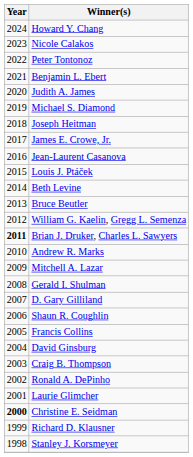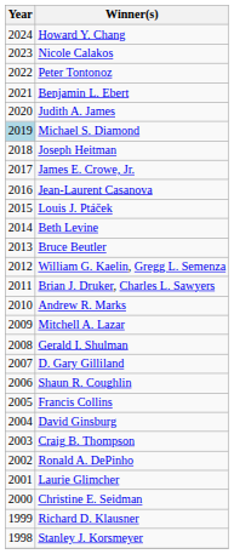 <table class="wikitable">
 <tr>
 <th>Year</th>
 <th>Winner(s)</th>
 </tr>
 <tr>
 <td>2024</td>
 <td><a href='#'>Howard Y. Chang</a></td>
 </tr>
 <tr>
 <td>2023</td>
 <td><a href='#'>Nicole Calakos</a></td>
 </tr>
 <tr>
 <td>2022</td>
 <td><a href='#'>Peter Tontonoz</a></td>
 </tr>
 <tr>
 <td>2021</td>
 <td><a href='#'>Benjamin L. Ebert</a></td>
 </tr>
 <tr>
 <td>2020</td>
 <td><a href='#'>Judith A. James</a></td>
 </tr>
 <tr>
-<td>2019</td>
+<td style="background: lightblue;">2019</td>
 <td><a href='#'>Michael S. Diamond</a></td>
 </tr>
 <tr>
 <td>2018</td>
 <td><a href='#'>Joseph Heitman</a></td>
 </tr>
 <tr>
 <td>2017</td>
 <td><a href='#'>James E. Crowe, Jr.</a></td>
 </tr>
 <tr>
 <td>2016</td>
 <td><a href='#'>Jean-Laurent Casanova</a></td>
 </tr>
 <tr>
 <td>2015</td>
 <td><a href='#'>Louis J. Ptáček</a></td>
 </tr>
 <tr>
 <td>2014</td>
 <td><a href='#'>Beth Levine</a></td>
 </tr>
 <tr>
 <td>2013</td>
 <td><a href='#'>Bruce Beutler</a></td>
 </tr>
 <tr>
 <td>2012</td>
 <td><a href='#'>William G. Kaelin</a>, <a href='#'>Gregg L. Semenza</a></td>
 </tr>
 <tr>
-<td><strong>2011</strong></td>
+<td>2011</td>
 <td><a href='#'>Brian J. Druker</a>, <a href='#'>Charles L. Sawyers</a></td>
 </tr>
 <tr>
 <td>2010</td>
 <td><a href='#'>Andrew R. Marks</a></td>
 </tr>
 <tr>
 <td>2009</td>
 <td><a href='#'>Mitchell A. Lazar</a></td>
 </tr>
 <tr>
 <td>2008</td>
 <td><a href='#'>Gerald I. Shulman</a></td>
 </tr>
 <tr>
 <td>2007</td>
 <td><a href='#'>D. Gary Gilliland</a></td>
 </tr>
 <tr>
 <td>2006</td>
 <td><a href='#'>Shaun R. Coughlin</a></td>
 </tr>
 <tr>
 <td>2005</td>
 <td><a href='#'>Francis Collins</a></td>
 </tr>
 <tr>
 <td>2004</td>
 <td><a href='#'>David Ginsburg</a></td>
 </tr>
 <tr>
 <td>2003</td>
 <td><a href='#'>Craig B. Thompson</a></td>
 </tr>
 <tr>
 <td>2002</td>
 <td><a href='#'>Ronald A. DePinho</a></td>
 </tr>
 <tr>
 <td>2001</td>
 <td><a href='#'>Laurie Glimcher</a></td>
 </tr>
 <tr>
-<td><strong>2000</strong></td>
+<td>2000</td>
 <td><a href='#'>Christine E. Seidman</a></td>
 </tr>
 <tr>
 <td>1999</td>
 <td><a href='#'>Richard D. Klausner</a></td>
 </tr>
 <tr>
 <td>1998</td>
 <td><a href='#'>Stanley J. Korsmeyer</a></td>
 </tr>
 <tr>
 </tr>
 </table>
